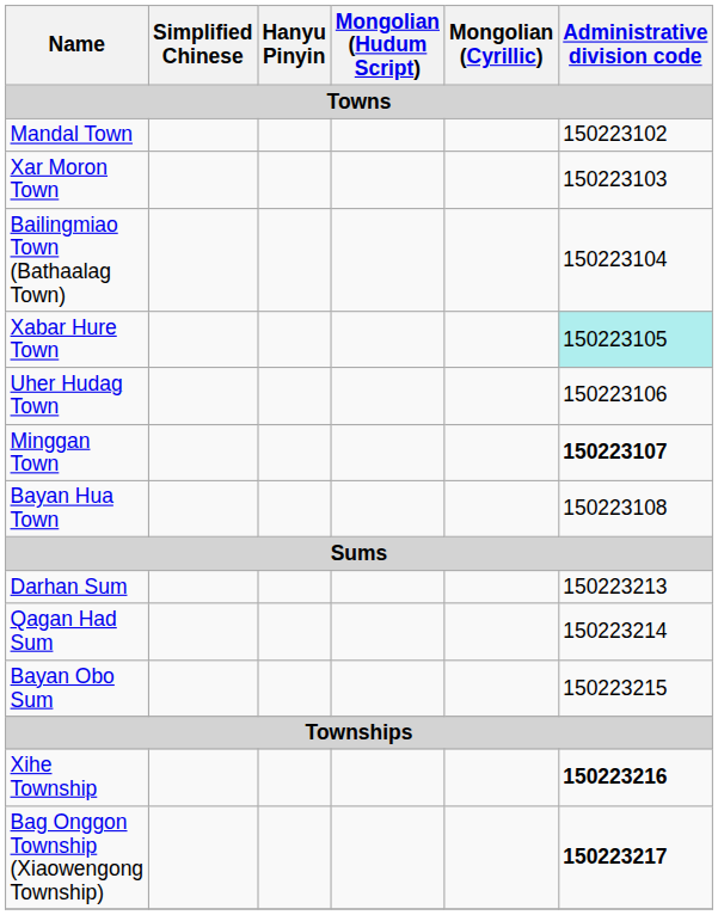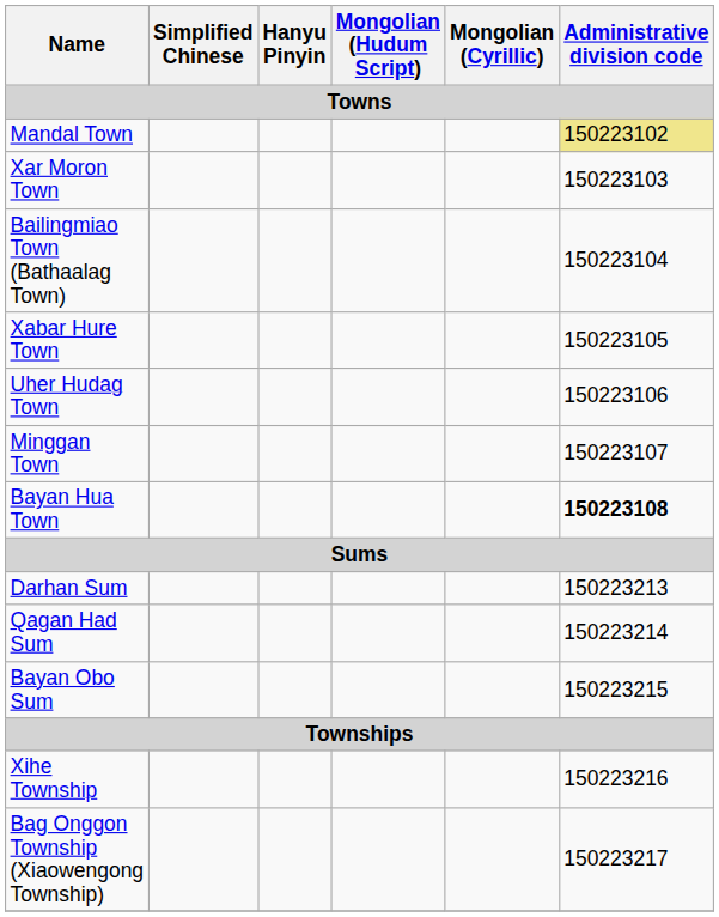 <table class="wikitable" align="center" style="width:50%; border="1">
 <tr>
 <th>Name</th>
 <th>Simplified Chinese</th>
 <th>Hanyu Pinyin</th>
 <th><a href='#'>Mongolian</a> (<a href='#'>Hudum Script</a>)</th>
 <th>Mongolian (<a href='#'>Cyrillic</a>)</th>
 <th><a href='#'>Administrative division code</a></th>
 </tr>
 <tr>
 <td colspan="6"  style="text-align:center; background:#d3d3d3;"><strong>Towns</strong></td>
 </tr>
 <tr --------->
 <td><a href='#'>Mandal Town</a></td>
 <td></td>
 <td></td>
 <td></td>
 <td></td>
-<td>150223102</td>
+<td style="background: khaki;">150223102</td>
 </tr>
 <tr>
 <td><a href='#'>Xar Moron Town</a></td>
 <td></td>
 <td></td>
 <td></td>
 <td></td>
 <td>150223103</td>
 </tr>
 <tr>
 <td><a href='#'>Bailingmiao Town</a><br>(Bathaalag Town)</td>
 <td></td>
 <td></td>
 <td></td>
 <td></td>
 <td>150223104</td>
 </tr>
 <tr>
 <td><a href='#'>Xabar Hure Town</a></td>
 <td></td>
 <td></td>
 <td></td>
 <td></td>
-<td style="background: paleturquoise;">150223105</td>
+<td>150223105</td>
 </tr>
 <tr>
 <td><a href='#'>Uher Hudag Town</a></td>
 <td></td>
 <td></td>
 <td></td>
 <td></td>
 <td>150223106</td>
 </tr>
 <tr>
 <td><a href='#'>Minggan Town</a></td>
 <td></td>
 <td></td>
 <td></td>
 <td></td>
-<td><strong>150223107</strong></td>
+<td>150223107</td>
 </tr>
 <tr>
 <td><a href='#'>Bayan Hua Town</a></td>
 <td></td>
 <td></td>
 <td></td>
 <td></td>
-<td>150223108</td>
+<td><strong>150223108</strong></td>
 </tr>
 <tr>
 <td colspan="6"  style="text-align:center; background:#d3d3d3;"><strong>Sums</strong></td>
 </tr>
 <tr --------->
 <td><a href='#'>Darhan Sum</a></td>
 <td></td>
 <td></td>
 <td></td>
 <td></td>
 <td>150223213</td>
 </tr>
 <tr>
 <td><a href='#'>Qagan Had Sum</a></td>
 <td></td>
 <td></td>
 <td></td>
 <td></td>
 <td>150223214</td>
 </tr>
 <tr>
 <td><a href='#'>Bayan Obo Sum</a></td>
 <td></td>
 <td></td>
 <td></td>
 <td></td>
 <td>150223215</td>
 </tr>
 <tr>
 <td colspan="6"  style="text-align:center; background:#d3d3d3;"><strong>Townships</strong></td>
 </tr>
 <tr --------->
 <td><a href='#'>Xihe Township</a></td>
 <td></td>
 <td></td>
 <td></td>
 <td></td>
-<td><strong>150223216</strong></td>
+<td>150223216</td>
 </tr>
 <tr>
 <td><a href='#'>Bag Onggon Township</a><br>(Xiaowengong Township)</td>
 <td></td>
 <td></td>
 <td></td>
 <td></td>
-<td><strong>150223217</strong></td>
+<td>150223217</td>
 </tr>
 <tr>
 </tr>
 </table>
